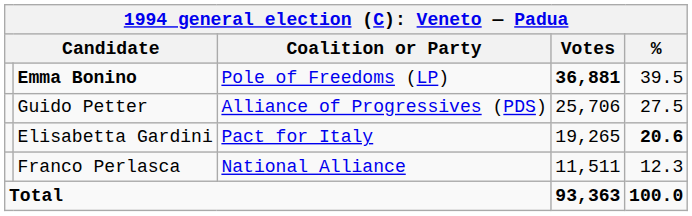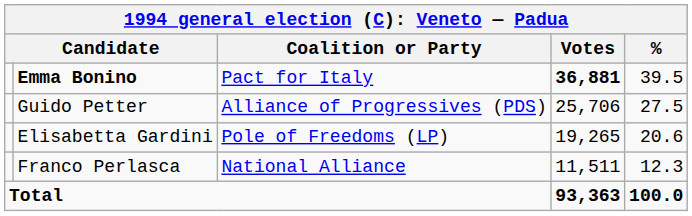 <table class=wikitable style=text-align:right>
 <tr>
 <th colspan=5><a href='#'>1994 general election</a> (<a href='#'>C</a>): <a href='#'>Veneto</a> — <a href='#'>Padua</a></th>
 </tr>
 <tr>
 <th colspan=2>Candidate</th>
 <th>Coalition or Party</th>
 <th>Votes</th>
 <th>%</th>
 </tr>
 <tr>
 <td></td>
 <td align=left><strong>Emma Bonino</strong></td>
-<td align=left><a href='#'>Pole of Freedoms</a> (<a href='#'>LP</a>)</td>
+<td align=left><a href='#'>Pact for Italy</a></td>
 <td><strong>36,881</strong></td>
 <td>39.5</td>
 </tr>
 <tr>
 <td></td>
 <td align=left>Guido Petter</td>
 <td align=left><a href='#'>Alliance of Progressives</a> (<a href='#'>PDS</a>)</td>
 <td>25,706</td>
 <td>27.5</td>
 </tr>
 <tr>
 <td></td>
 <td align=left>Elisabetta Gardini</td>
-<td align=left><a href='#'>Pact for Italy</a></td>
+<td align=left><a href='#'>Pole of Freedoms</a> (<a href='#'>LP</a>)</td>
 <td>19,265</td>
-<td><strong>20.6</strong></td>
+<td>20.6</td>
 </tr>
 <tr>
 <td></td>
 <td align=left>Franco Perlasca</td>
 <td align=left><a href='#'>National Alliance</a></td>
 <td>11,511</td>
 <td>12.3</td>
 </tr>
 <tr>
 <td align=left colspan=3><strong>Total</strong></td>
 <td><strong>93,363</strong></td>
 <td><strong>100.0</strong></td>
 </tr>
 </table>
